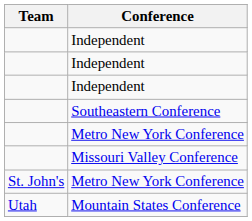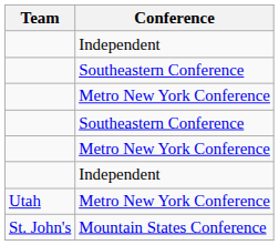 <table class="wikitable sortable" style="text-align: center;">
 <tr>
 <th>Team</th>
 <th>Conference</th>
-</tr>
-<tr>
-<td align=left></td>
-<td align=left>Independent</td>
-</tr>
-<tr>
-<td align=left></td>
-<td align=left>Independent</td>
 </tr>
 <tr>
 <td align=left></td>
 <td align=left>Independent</td>
 </tr>
 <tr>
 <td align=left></td>
 <td align=left><a href='#'>Southeastern Conference</a></td>
 </tr>
 <tr>
 <td align=left></td>
 <td align=left><a href='#'>Metro New York Conference</a></td>
 </tr>
 <tr>
 <td align=left></td>
-<td align=left><a href='#'>Missouri Valley Conference</a></td>
+<td align=left><a href='#'>Southeastern Conference</a></td>
+</tr>
+<tr>
+<td align=left></td>
+<td align=left><a href='#'>Metro New York Conference</a></td>
+</tr>
+<tr>
+<td align=left></td>
+<td align=left>Independent</td>
+</tr>
+<tr>
+<td align=left><a href='#'>Utah</a></td>
+<td align=left><a href='#'>Metro New York Conference</a></td>
 </tr>
 <tr>
 <td align=left><a href='#'>St. John's</a></td>
-<td align=left><a href='#'>Metro New York Conference</a></td>
-</tr>
-<tr>
-<td align=left><a href='#'>Utah</a></td>
 <td align=left><a href='#'>Mountain States Conference</a></td>
 </tr>
 </table>
